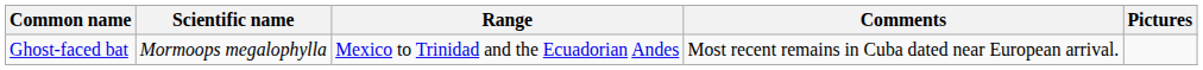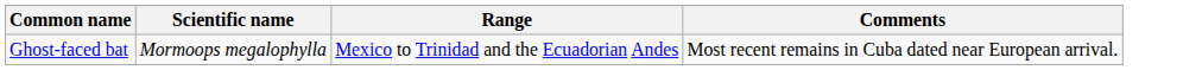 <table class="wikitable">
 <tr>
 <th>Common name</th>
 <th>Scientific name</th>
 <th>Range</th>
 <th class="unsortable">Comments</th>
-<th>Pictures</th>
 </tr>
 <tr>
 <td><a href='#'>Ghost-faced bat</a></td>
 <td><em>Mormoops megalophylla</em></td>
 <td><a href='#'>Mexico</a> to <a href='#'>Trinidad</a> and the <a href='#'>Ecuadorian</a> <a href='#'>Andes</a></td>
 <td>Most recent remains in Cuba dated near European arrival.</td>
-<td></td>
 </tr>
 </table>
